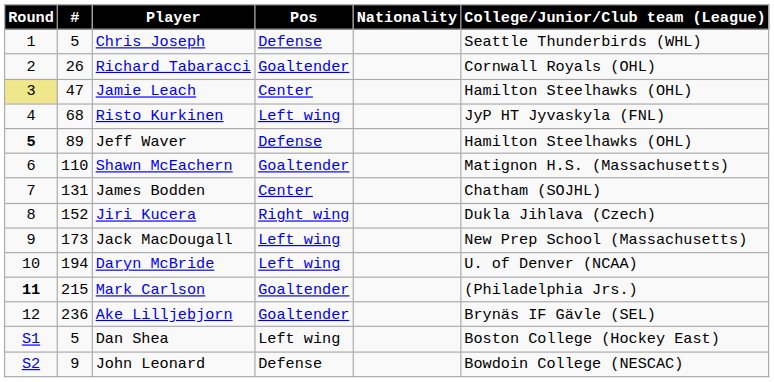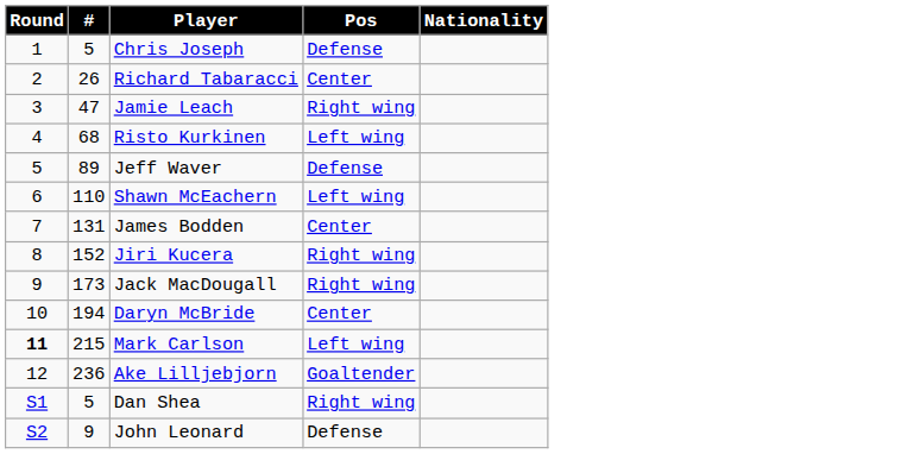 <table class="wikitable">
 <tr>
 <th style="color:white; background:#000000; ">Round</th>
 <th style="color:white; background:#000000; ">#</th>
 <th style="color:white; background:#000000; ">Player</th>
 <th style="color:white; background:#000000; ">Pos</th>
 <th style="color:white; background:#000000; ">Nationality</th>
-<th style="color:white; background:#000000; ">College/Junior/Club team (League)</th>
 </tr>
 <tr>
 <td align=center>1</td>
 <td align=center>5</td>
 <td><a href='#'>Chris Joseph</a></td>
 <td><a href='#'>Defense</a></td>
 <td></td>
-<td>Seattle Thunderbirds (WHL)</td>
 </tr>
 <tr>
 <td align=center>2</td>
 <td align=center>26</td>
 <td><a href='#'>Richard Tabaracci</a></td>
-<td><a href='#'>Goaltender</a></td>
+<td><a href='#'>Center</a></td>
 <td></td>
-<td>Cornwall Royals (OHL)</td>
 </tr>
 <tr>
-<td align=center style="background: khaki;">3</td>
+<td align=center>3</td>
 <td align=center>47</td>
 <td><a href='#'>Jamie Leach</a></td>
-<td><a href='#'>Center</a></td>
+<td><a href='#'>Right wing</a></td>
 <td></td>
-<td>Hamilton Steelhawks (OHL)</td>
 </tr>
 <tr>
 <td align=center>4</td>
 <td align=center>68</td>
 <td><a href='#'>Risto Kurkinen</a></td>
 <td><a href='#'>Left wing</a></td>
 <td></td>
-<td>JyP HT Jyvaskyla (FNL)</td>
 </tr>
 <tr>
-<td align=center><strong>5</strong></td>
+<td align=center>5</td>
 <td align=center>89</td>
 <td>Jeff Waver</td>
 <td><a href='#'>Defense</a></td>
 <td></td>
-<td>Hamilton Steelhawks (OHL)</td>
 </tr>
 <tr>
 <td align=center>6</td>
 <td align=center>110</td>
 <td><a href='#'>Shawn McEachern</a></td>
-<td><a href='#'>Goaltender</a></td>
+<td><a href='#'>Left wing</a></td>
 <td></td>
-<td>Matignon H.S. (Massachusetts)</td>
 </tr>
 <tr>
 <td align=center>7</td>
 <td align=center>131</td>
 <td>James Bodden</td>
 <td><a href='#'>Center</a></td>
 <td></td>
-<td>Chatham (SOJHL)</td>
 </tr>
 <tr>
 <td align=center>8</td>
 <td align=center>152</td>
 <td><a href='#'>Jiri Kucera</a></td>
 <td><a href='#'>Right wing</a></td>
 <td></td>
-<td>Dukla Jihlava (Czech)</td>
 </tr>
 <tr>
 <td align=center>9</td>
 <td align=center>173</td>
 <td>Jack MacDougall</td>
-<td><a href='#'>Left wing</a></td>
+<td><a href='#'>Right wing</a></td>
 <td></td>
-<td>New Prep School (Massachusetts)</td>
 </tr>
 <tr>
 <td align=center>10</td>
 <td align=center>194</td>
 <td><a href='#'>Daryn McBride</a></td>
-<td><a href='#'>Left wing</a></td>
+<td><a href='#'>Center</a></td>
 <td></td>
-<td>U. of Denver (NCAA)</td>
 </tr>
 <tr>
 <td align=center><strong>11</strong></td>
 <td align=center>215</td>
 <td><a href='#'>Mark Carlson</a></td>
-<td><a href='#'>Goaltender</a></td>
+<td><a href='#'>Left wing</a></td>
 <td></td>
-<td>(Philadelphia Jrs.)</td>
 </tr>
 <tr>
 <td align=center>12</td>
 <td align=center>236</td>
 <td><a href='#'>Ake Lilljebjorn</a></td>
 <td><a href='#'>Goaltender</a></td>
 <td></td>
-<td>Brynäs IF Gävle (SEL)</td>
 </tr>
 <tr>
 <td align=center><a href='#'>S1</a></td>
 <td align=center>5</td>
 <td>Dan Shea</td>
-<td>Left wing</td>
+<td><a href='#'>Right wing</a></td>
 <td></td>
-<td>Boston College (Hockey East)</td>
 </tr>
 <tr>
 <td align=center><a href='#'>S2</a></td>
 <td align=center>9</td>
 <td>John Leonard</td>
 <td>Defense</td>
 <td></td>
-<td>Bowdoin College (NESCAC)</td>
 </tr>
 </table>
